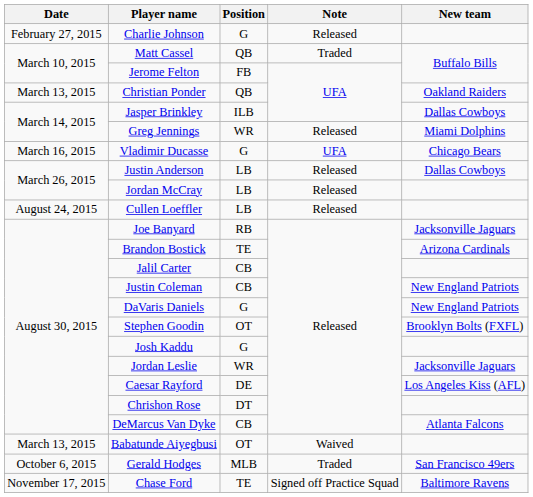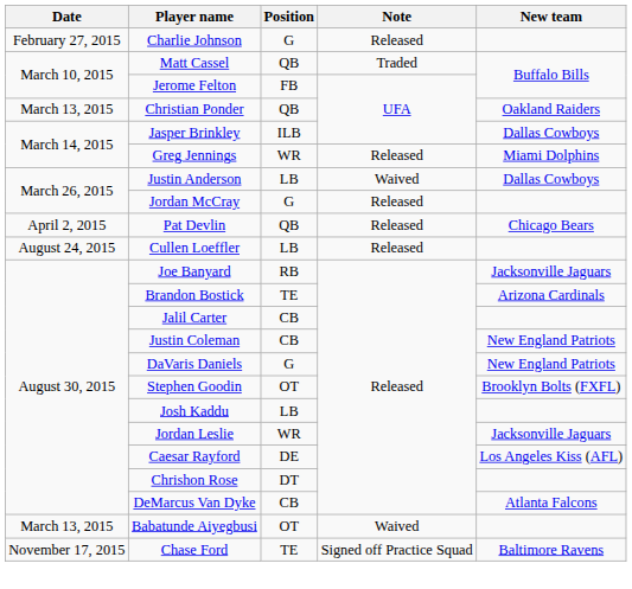 <table class="wikitable" style="text-align:center">
 <tr>
 <th>Date</th>
 <th>Player name</th>
 <th>Position</th>
 <th>Note</th>
 <th>New team</th>
 </tr>
 <tr>
 <td>February 27, 2015</td>
 <td><a href='#'>Charlie Johnson</a></td>
 <td>G</td>
 <td>Released</td>
 <td></td>
 </tr>
 <tr>
 <td rowspan=2>March 10, 2015</td>
 <td><a href='#'>Matt Cassel</a></td>
 <td>QB</td>
 <td>Traded</td>
 <td rowspan=2><a href='#'>Buffalo Bills</a></td>
 </tr>
 <tr>
 <td><a href='#'>Jerome Felton</a></td>
 <td>FB</td>
 <td rowspan=3><a href='#'>UFA</a></td>
 </tr>
 <tr>
 <td>March 13, 2015</td>
 <td><a href='#'>Christian Ponder</a></td>
 <td>QB</td>
 <td><a href='#'>Oakland Raiders</a></td>
 </tr>
 <tr>
 <td rowspan=2>March 14, 2015</td>
 <td><a href='#'>Jasper Brinkley</a></td>
 <td>ILB</td>
 <td><a href='#'>Dallas Cowboys</a></td>
 </tr>
 <tr>
 <td><a href='#'>Greg Jennings</a></td>
 <td>WR</td>
 <td>Released</td>
 <td><a href='#'>Miami Dolphins</a></td>
 </tr>
 <tr>
-<td>March 16, 2015</td>
-<td><a href='#'>Vladimir Ducasse</a></td>
-<td>G</td>
-<td><a href='#'>UFA</a></td>
-<td><a href='#'>Chicago Bears</a></td>
-</tr>
-<tr>
 <td rowspan=2>March 26, 2015</td>
 <td><a href='#'>Justin Anderson</a></td>
 <td>LB</td>
-<td>Released</td>
+<td>Waived</td>
 <td><a href='#'>Dallas Cowboys</a></td>
 </tr>
 <tr>
 <td><a href='#'>Jordan McCray</a></td>
-<td>LB</td>
+<td>G</td>
 <td>Released</td>
 <td></td>
+</tr>
+<tr>
+<td>April 2, 2015</td>
+<td><a href='#'>Pat Devlin</a></td>
+<td>QB</td>
+<td>Released</td>
+<td><a href='#'>Chicago Bears</a></td>
 </tr>
 <tr>
 <td>August 24, 2015</td>
 <td><a href='#'>Cullen Loeffler</a></td>
 <td>LB</td>
 <td>Released</td>
 <td></td>
 </tr>
 <tr>
 <td rowspan="11">August 30, 2015</td>
 <td><a href='#'>Joe Banyard</a></td>
 <td>RB</td>
 <td rowspan="11">Released</td>
 <td><a href='#'>Jacksonville Jaguars</a></td>
 </tr>
 <tr>
 <td><a href='#'>Brandon Bostick</a></td>
 <td>TE</td>
 <td><a href='#'>Arizona Cardinals</a></td>
 </tr>
 <tr>
 <td><a href='#'>Jalil Carter</a></td>
 <td>CB</td>
 <td></td>
 </tr>
 <tr>
 <td><a href='#'>Justin Coleman</a></td>
 <td>CB</td>
 <td><a href='#'>New England Patriots</a></td>
 </tr>
 <tr>
 <td><a href='#'>DaVaris Daniels</a></td>
 <td>G</td>
 <td><a href='#'>New England Patriots</a></td>
 </tr>
 <tr>
 <td><a href='#'>Stephen Goodin</a></td>
 <td>OT</td>
 <td><a href='#'>Brooklyn Bolts</a> (<a href='#'>FXFL</a>)</td>
 </tr>
 <tr>
 <td><a href='#'>Josh Kaddu</a></td>
-<td>G</td>
+<td>LB</td>
 <td></td>
 </tr>
 <tr>
 <td><a href='#'>Jordan Leslie</a></td>
 <td>WR</td>
 <td><a href='#'>Jacksonville Jaguars</a></td>
 </tr>
 <tr>
 <td><a href='#'>Caesar Rayford</a></td>
 <td>DE</td>
 <td><a href='#'>Los Angeles Kiss</a> (<a href='#'>AFL</a>)</td>
 </tr>
 <tr>
 <td><a href='#'>Chrishon Rose</a></td>
 <td>DT</td>
 <td></td>
 </tr>
 <tr>
 <td><a href='#'>DeMarcus Van Dyke</a></td>
 <td>CB</td>
 <td><a href='#'>Atlanta Falcons</a></td>
 </tr>
 <tr>
 <td>March 13, 2015</td>
 <td><a href='#'>Babatunde Aiyegbusi</a></td>
 <td>OT</td>
 <td>Waived</td>
 <td></td>
 </tr>
 <tr>
-<td>October 6, 2015</td>
-<td><a href='#'>Gerald Hodges</a></td>
-<td>MLB</td>
-<td>Traded</td>
-<td><a href='#'>San Francisco 49ers</a></td>
-</tr>
-<tr>
 <td>November 17, 2015</td>
 <td><a href='#'>Chase Ford</a></td>
 <td>TE</td>
 <td>Signed off Practice Squad</td>
 <td><a href='#'>Baltimore Ravens</a></td>
 </tr>
 </table>
